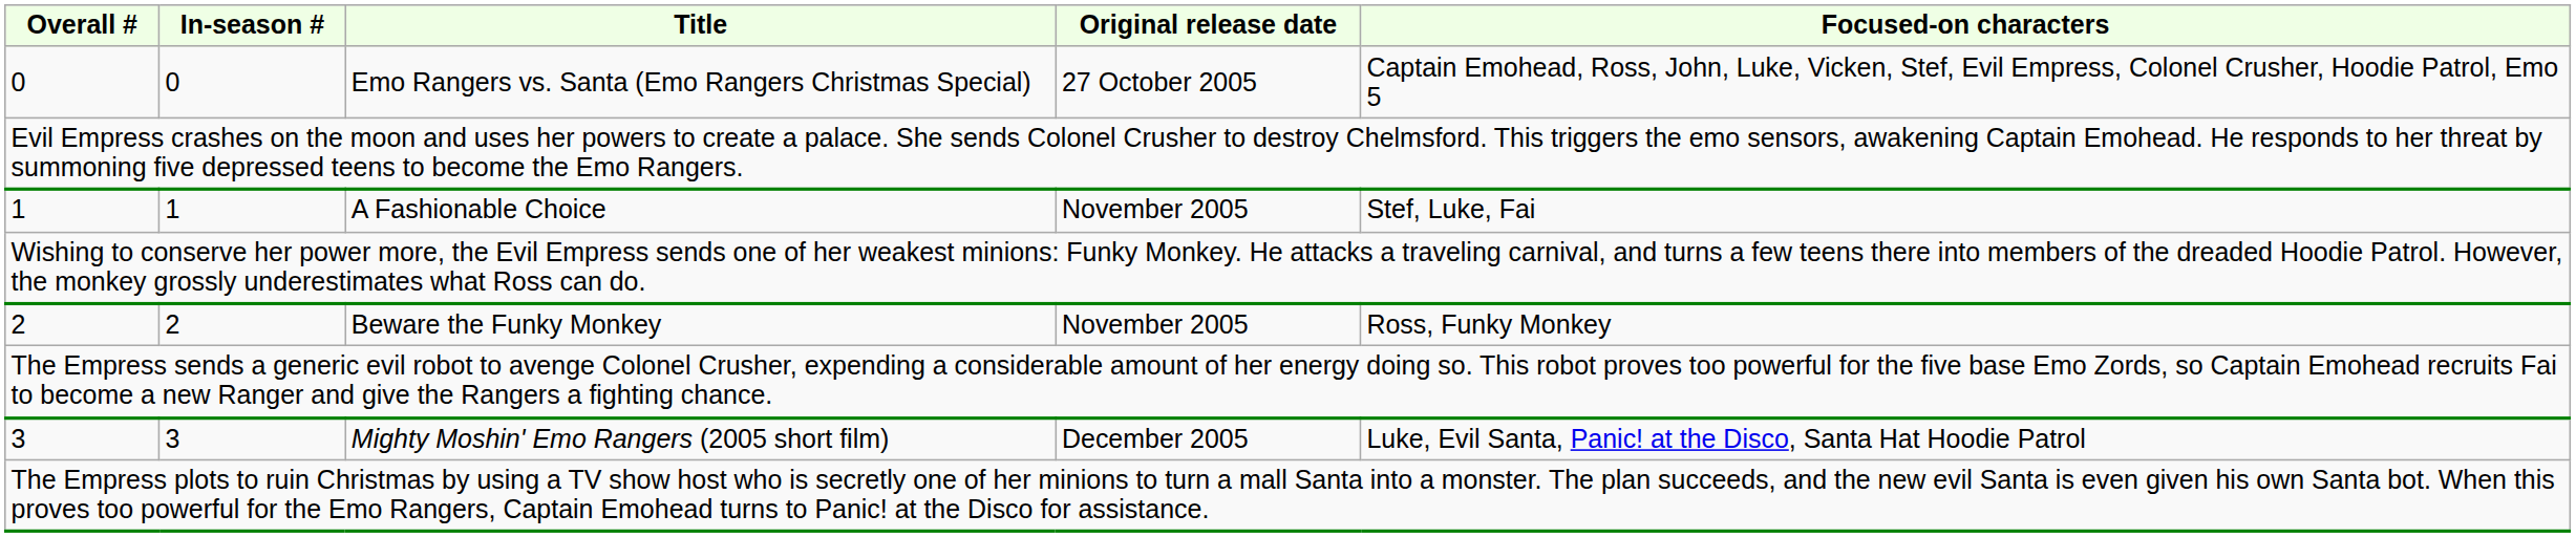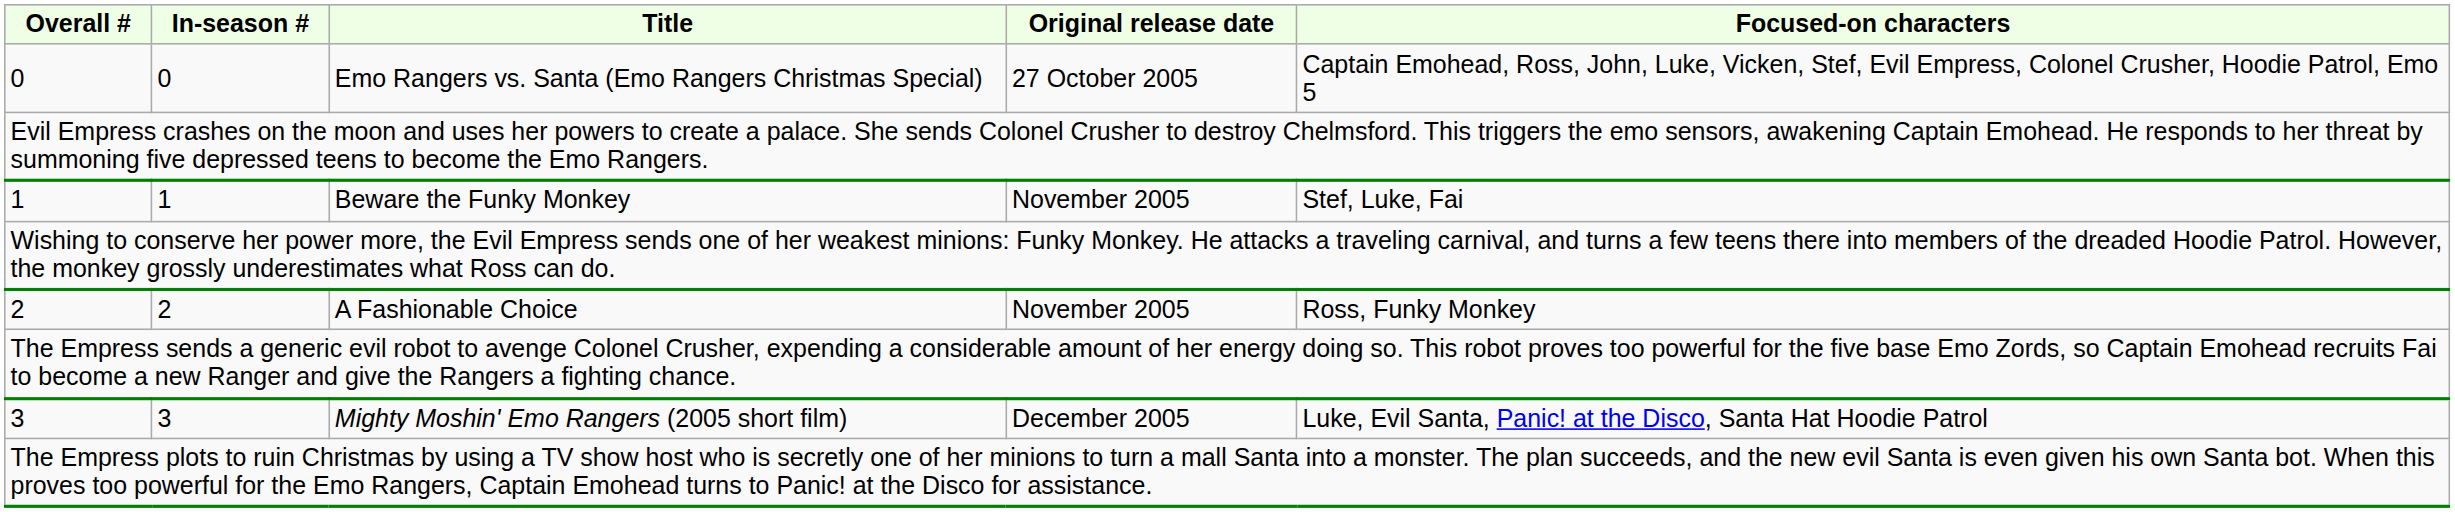 <table class="wikitable">
 <tr>
 <td style="text-align:center; background:#efffe5;"><strong>Overall #</strong></td>
 <td style="text-align:center; background:#efffe5;"><strong>In-season #</strong></td>
 <td style="text-align:center; background:#efffe5;"><strong>Title</strong></td>
 <td style="text-align:center; background:#efffe5;"><strong>Original release date</strong></td>
 <td style="text-align:center; background:#efffe5;"><strong>Focused-on characters</strong></td>
 </tr>
 <tr>
 <td class="boxtin">0</td>
 <td>0</td>
 <td>Emo Rangers vs. Santa (Emo Rangers Christmas Special)</td>
 <td>27 October 2005</td>
 <td>Captain Emohead, Ross, John, Luke, Vicken, Stef, Evil Empress, Colonel Crusher, Hoodie Patrol, Emo 5</td>
 </tr>
 <tr>
 <td colspan="5" style="border-bottom:2px solid green;">Evil Empress crashes on the moon and uses her powers to create a palace.  She sends Colonel Crusher to destroy Chelmsford.  This triggers the emo sensors, awakening Captain Emohead.  He responds to her threat by summoning five depressed teens to become the Emo Rangers.</td>
 </tr>
 <tr>
 <td class="boxtin">1</td>
 <td>1</td>
-<td>A Fashionable Choice</td>
+<td>Beware the Funky Monkey</td>
 <td>November 2005</td>
 <td>Stef, Luke, Fai</td>
 </tr>
 <tr>
 <td colspan="5" style="border-bottom:2px solid green;">Wishing to conserve her power more, the Evil Empress sends one of her weakest minions: Funky Monkey.  He attacks a traveling carnival, and turns a few teens there into members of the dreaded Hoodie Patrol.  However, the monkey grossly underestimates what Ross can do.</td>
 </tr>
 <tr>
 <td class="boxtin">2</td>
 <td>2</td>
-<td>Beware the Funky Monkey</td>
+<td>A Fashionable Choice</td>
 <td>November 2005</td>
 <td>Ross, Funky Monkey</td>
 </tr>
 <tr>
 <td colspan="5" style="border-bottom:2px solid green;">The Empress sends a generic evil robot to avenge Colonel Crusher, expending a considerable amount of her energy doing so.  This robot proves too powerful for the five base Emo Zords, so Captain Emohead recruits Fai to become a new Ranger and give the Rangers a fighting chance.</td>
 </tr>
 <tr>
 <td class="boxtin">3</td>
 <td>3</td>
 <td><em>Mighty Moshin' Emo Rangers</em> (2005 short film)</td>
 <td>December 2005</td>
 <td>Luke, Evil Santa, <a href='#'>Panic! at the Disco</a>, Santa Hat Hoodie Patrol</td>
 </tr>
 <tr>
 <td colspan="5" style="border-bottom:2px solid green;">The Empress plots to ruin Christmas by using a TV show host who is secretly one of her minions to turn a mall Santa into a monster.  The plan succeeds, and the new evil Santa is even given his own Santa bot.  When this proves too powerful for the Emo Rangers, Captain Emohead turns to Panic! at the Disco for assistance.</td>
 </tr>
 </table>
